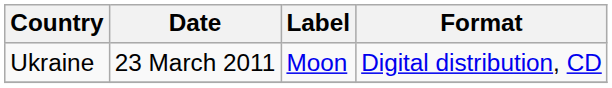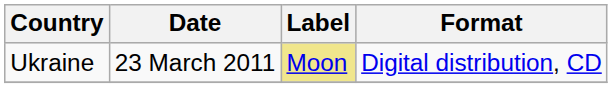 <table class="sortable wikitable">
 <tr>
 <th>Country</th>
 <th>Date</th>
 <th>Label</th>
 <th>Format</th>
 </tr>
 <tr>
 <td>Ukraine</td>
 <td>23 March 2011</td>
-<td><a href='#'>Moon</a></td>
+<td style="background: khaki;"><a href='#'>Moon</a></td>
 <td><a href='#'>Digital distribution</a>, <a href='#'>CD</a></td>
 </tr>
 <tr>
 </tr>
 </table>
